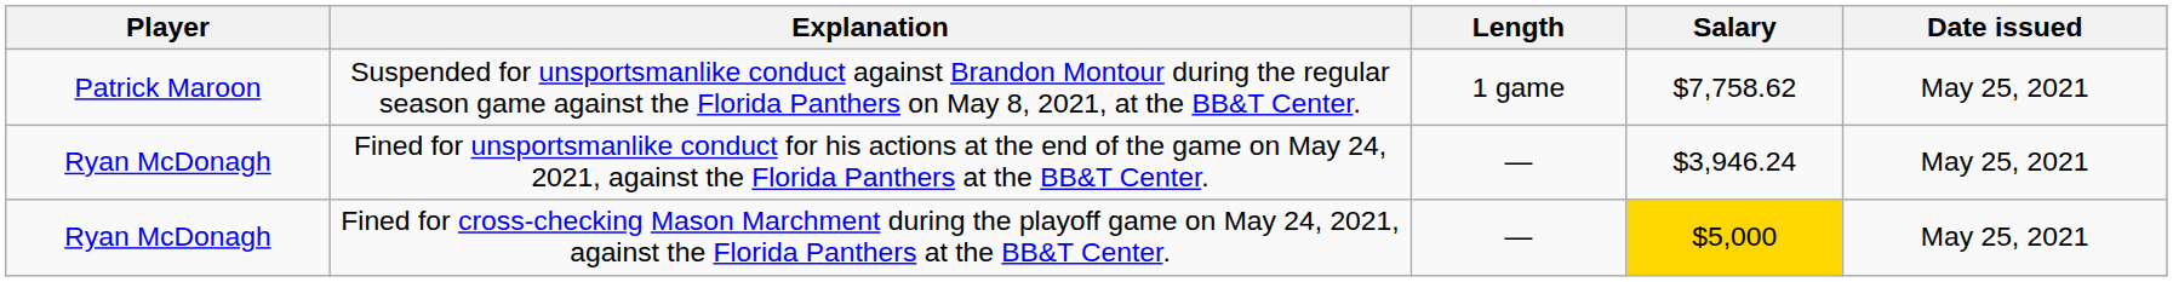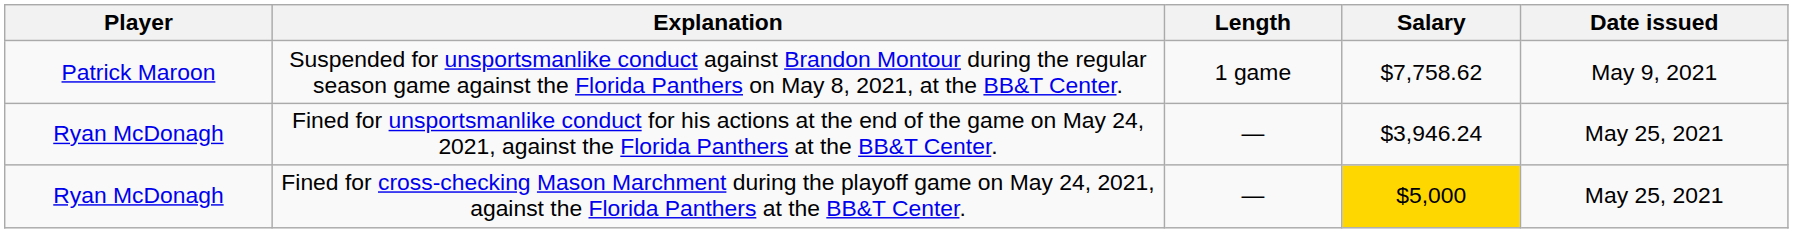 <table class="wikitable" style="text-align:center;">
 <tr>
 <th style="width:15%;">Player</th>
 <th style="width:50%;">Explanation</th>
 <th style="width:10%;">Length</th>
 <th style="width:10%;">Salary</th>
 <th style="width:15%;">Date issued</th>
 </tr>
 <tr>
 <td><a href='#'>Patrick Maroon</a></td>
 <td>Suspended for <a href='#'>unsportsmanlike conduct</a> against <a href='#'>Brandon Montour</a> during the regular season game against the <a href='#'>Florida Panthers</a> on May 8, 2021, at the <a href='#'>BB&T Center</a>.</td>
 <td>1 game</td>
 <td>$7,758.62</td>
-<td>May 25, 2021</td>
+<td>May 9, 2021</td>
 </tr>
 <tr>
 <td><a href='#'>Ryan McDonagh</a></td>
 <td>Fined for <a href='#'>unsportsmanlike conduct</a> for his actions at the end of the game on May 24, 2021, against the <a href='#'>Florida Panthers</a> at the <a href='#'>BB&T Center</a>.</td>
 <td>—</td>
 <td>$3,946.24</td>
 <td>May 25, 2021</td>
 </tr>
 <tr>
 <td><a href='#'>Ryan McDonagh</a></td>
 <td>Fined for <a href='#'>cross-checking</a> <a href='#'>Mason Marchment</a> during the playoff game on May 24, 2021, against the <a href='#'>Florida Panthers</a> at the <a href='#'>BB&T Center</a>.</td>
 <td>—</td>
 <td style="background: gold;">$5,000</td>
 <td>May 25, 2021</td>
 </tr>
 </table>
